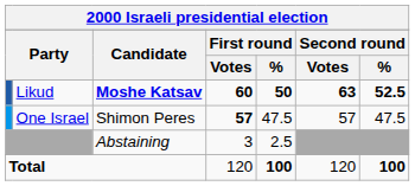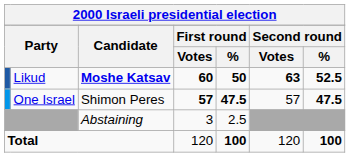 <table class=wikitable>
 <tr>
 <th colspan=9><a href='#'>2000 Israeli presidential election</a></th>
 </tr>
 <tr>
 </tr>
 <tr>
 <th colspan=2 rowspan=2>Party</th>
 <th colspan=1 rowspan=2>Candidate</th>
 <th colspan=2><strong>First round</strong></th>
 <th colspan=2><strong>Second round</strong></th>
 </tr>
 <tr>
 <th>Votes</th>
 <th>%</th>
 <th>Votes</th>
 <th>%</th>
 </tr>
 <tr>
 <td style="background:#1f5aa5"></td>
 <td><a href='#'>Likud</a></td>
 <td><strong><a href='#'>Moshe Katsav</a></strong></td>
 <td align="right"><strong>60</strong></td>
 <td align="right"><strong>50</strong></td>
 <td align="right"><strong>63</strong></td>
 <td align="right"><strong>52.5</strong></td>
 </tr>
 <tr>
 <td style="background:#0297EA"></td>
 <td><a href='#'>One Israel</a></td>
 <td>Shimon Peres</td>
 <td align="right"><strong>57</strong></td>
-<td align="right">47.5</td>
+<td align="right"><strong>47.5</strong></td>
 <td align="right">57</td>
-<td align="right">47.5</td>
+<td align="right"><strong>47.5</strong></td>
 </tr>
 <tr>
 <td colspan="2" bgcolor="darkgray"></td>
 <td><em>Abstaining</em></td>
 <td align="right">3</td>
 <td align="right">2.5</td>
 <td colspan="2" bgcolor="darkgray"></td>
 </tr>
 <tr>
 <td colspan=3><strong>Total</strong></td>
 <td align="right">120</td>
 <td align="right"><strong>100</strong></td>
 <td align="right">120</td>
 <td align="right"><strong>100</strong></td>
 </tr>
 </table>
